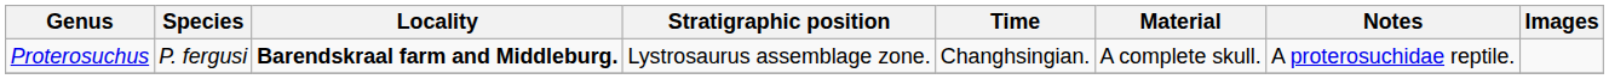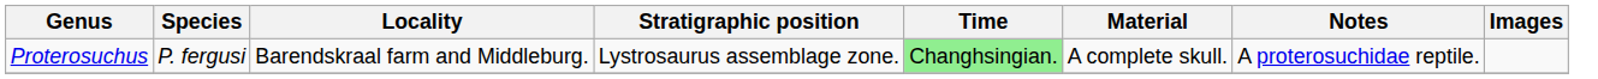 <table class="wikitable">
 <tr>
 <th>Genus</th>
 <th>Species</th>
 <th>Locality</th>
 <th>Stratigraphic position</th>
 <th>Time</th>
 <th>Material</th>
 <th>Notes</th>
 <th>Images</th>
 </tr>
 <tr>
 <td><em><a href='#'>Proterosuchus</a></em></td>
 <td><em>P. fergusi</em></td>
-<td><strong>Barendskraal farm and Middleburg.</strong></td>
+<td>Barendskraal farm and Middleburg.</td>
 <td>Lystrosaurus assemblage zone.</td>
-<td>Changhsingian.</td>
+<td style="background: lightgreen;">Changhsingian.</td>
 <td>A complete skull.</td>
 <td>A <a href='#'>proterosuchidae</a> reptile.</td>
 <td></td>
 </tr>
 <tr>
 </tr>
 </table>
